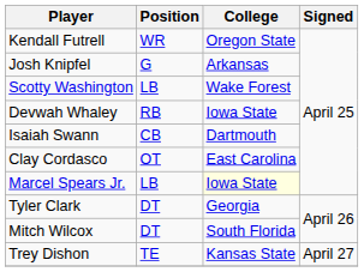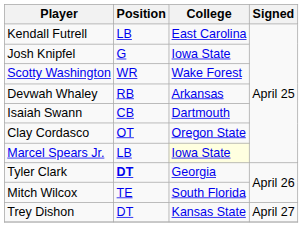 <table class="wikitable">
 <tr>
 <th>Player</th>
 <th>Position</th>
 <th>College</th>
 <th>Signed</th>
 </tr>
 <tr>
 <td>Kendall Futrell</td>
-<td><a href='#'>WR</a></td>
-<td><a href='#'>Oregon State</a></td>
+<td><a href='#'>LB</a></td>
+<td><a href='#'>East Carolina</a></td>
 <td rowspan="7">April 25</td>
 </tr>
 <tr>
 <td>Josh Knipfel</td>
 <td><a href='#'>G</a></td>
-<td><a href='#'>Arkansas</a></td>
+<td><a href='#'>Iowa State</a></td>
 </tr>
 <tr>
 <td><a href='#'>Scotty Washington</a></td>
-<td><a href='#'>LB</a></td>
+<td><a href='#'>WR</a></td>
 <td><a href='#'>Wake Forest</a></td>
 </tr>
 <tr>
 <td>Devwah Whaley</td>
 <td><a href='#'>RB</a></td>
-<td><a href='#'>Iowa State</a></td>
+<td><a href='#'>Arkansas</a></td>
 </tr>
 <tr>
 <td>Isaiah Swann</td>
 <td><a href='#'>CB</a></td>
 <td><a href='#'>Dartmouth</a></td>
 </tr>
 <tr>
 <td>Clay Cordasco</td>
 <td><a href='#'>OT</a></td>
-<td><a href='#'>East Carolina</a></td>
+<td><a href='#'>Oregon State</a></td>
 </tr>
 <tr>
 <td><a href='#'>Marcel Spears Jr.</a></td>
 <td><a href='#'>LB</a></td>
 <td style="background: lightyellow;"><a href='#'>Iowa State</a></td>
 </tr>
 <tr>
 <td>Tyler Clark</td>
-<td><a href='#'>DT</a></td>
+<td><strong><a href='#'>DT</a></strong></td>
 <td><a href='#'>Georgia</a></td>
 <td rowspan="2">April 26</td>
 </tr>
 <tr>
 <td>Mitch Wilcox</td>
-<td><a href='#'>DT</a></td>
+<td><a href='#'>TE</a></td>
 <td><a href='#'>South Florida</a></td>
 </tr>
 <tr>
 <td>Trey Dishon</td>
-<td><a href='#'>TE</a></td>
+<td><a href='#'>DT</a></td>
 <td><a href='#'>Kansas State</a></td>
 <td>April 27</td>
 </tr>
 <tr>
 </tr>
 </table>
